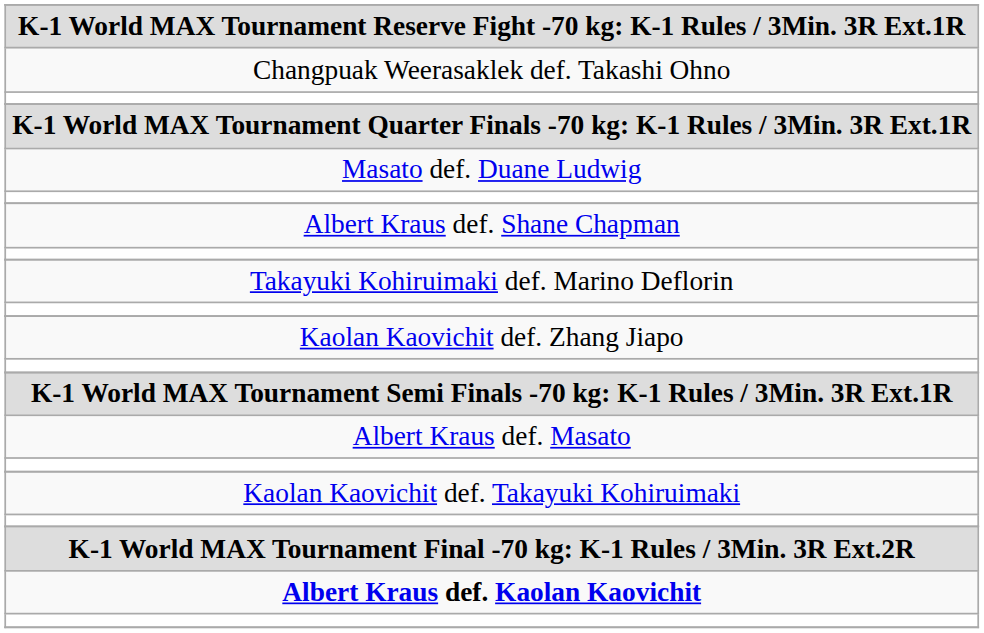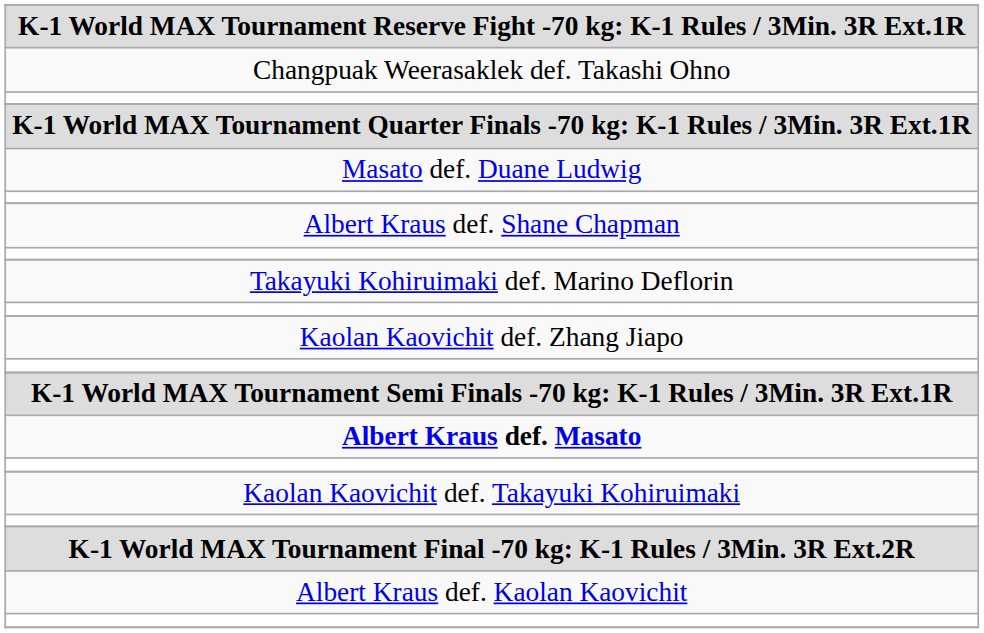 <table class="wikitable" style="clear:both; margin:1.5em auto; text-align:center;">
 <tr>
 </tr>
 <tr align="center"  bgcolor="#dddddd">
 <td><strong>K-1 World MAX Tournament Reserve Fight -70 kg: K-1 Rules / 3Min. 3R Ext.1R</strong></td>
 </tr>
 <tr align="center"  bgcolor=>
 <td align=center> Changpuak Weerasaklek def. Takashi Ohno </td>
 </tr>
 <tr>
 <th style=background:white colspan=2></th>
 </tr>
 <tr>
 </tr>
 <tr align="center"  bgcolor="#dddddd">
 <td><strong>K-1 World MAX Tournament Quarter Finals -70 kg: K-1 Rules / 3Min. 3R Ext.1R</strong></td>
 </tr>
 <tr align="center"  bgcolor=>
 <td align=center> <a href='#'>Masato</a> def. <a href='#'>Duane Ludwig</a> </td>
 </tr>
 <tr>
 <th style=background:white colspan=2></th>
 </tr>
 <tr>
 </tr>
 <tr align="center"  bgcolor=>
 <td align=center> <a href='#'>Albert Kraus</a> def. <a href='#'>Shane Chapman</a> </td>
 </tr>
 <tr>
 <th style=background:white colspan=2></th>
 </tr>
 <tr>
 </tr>
 <tr align="center"  bgcolor=>
 <td align=center> <a href='#'>Takayuki Kohiruimaki</a> def. Marino Deflorin </td>
 </tr>
 <tr>
 <th style=background:white colspan=2></th>
 </tr>
 <tr>
 </tr>
 <tr align="center"  bgcolor=>
 <td align=center> <a href='#'>Kaolan Kaovichit</a> def. Zhang Jiapo  </td>
 </tr>
 <tr>
 <th style=background:white colspan=2></th>
 </tr>
 <tr>
 </tr>
 <tr align="center"  bgcolor="#dddddd">
 <td><strong>K-1 World MAX Tournament Semi Finals -70 kg: K-1 Rules / 3Min. 3R Ext.1R</strong></td>
 </tr>
 <tr align="center"  bgcolor=>
-<td align=center> <a href='#'>Albert Kraus</a> def. <a href='#'>Masato</a> </td>
+<td align=center><strong> <a href='#'>Albert Kraus</a> def. <a href='#'>Masato</a> </strong></td>
 </tr>
 <tr>
 <th style=background:white colspan=2></th>
 </tr>
 <tr>
 </tr>
 <tr align="center"  bgcolor=>
 <td align=center> <a href='#'>Kaolan Kaovichit</a> def. <a href='#'>Takayuki Kohiruimaki</a> </td>
 </tr>
 <tr>
 <th style=background:white colspan=2></th>
 </tr>
 <tr>
 </tr>
 <tr align="center"  bgcolor="#dddddd">
 <td><strong>K-1 World MAX Tournament Final -70 kg: K-1 Rules / 3Min. 3R Ext.2R</strong></td>
 </tr>
 <tr align="center"  bgcolor=>
-<td align=center><strong> <a href='#'>Albert Kraus</a> def. <a href='#'>Kaolan Kaovichit</a> </strong></td>
+<td align=center> <a href='#'>Albert Kraus</a> def. <a href='#'>Kaolan Kaovichit</a> </td>
 </tr>
 <tr>
 <th style=background:white colspan=2></th>
 </tr>
 <tr>
 </tr>
 </table>
